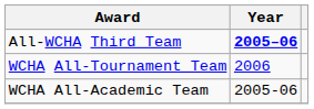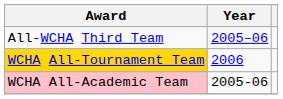 <table class="wikitable">
 <tr>
 <th>Award</th>
 <th>Year</th>
 <th></th>
 </tr>
 <tr>
 <td>All-<a href='#'>WCHA</a> <a href='#'>Third Team</a></td>
-<td><strong><a href='#'>2005–06</a></strong></td>
+<td><a href='#'>2005–06</a></td>
 <td></td>
 </tr>
 <tr>
-<td><a href='#'>WCHA</a> <a href='#'>All-Tournament Team</a></td>
+<td style="background: gold;"><a href='#'>WCHA</a> <a href='#'>All-Tournament Team</a></td>
 <td><a href='#'>2006</a></td>
 <td></td>
 </tr>
 <tr>
-<td>WCHA All-Academic Team</td>
+<td style="background: pink;">WCHA All-Academic Team</td>
 <td>2005-06</td>
 <td></td>
 </tr>
 <tr>
 </tr>
 </table>
